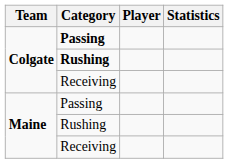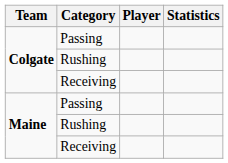 <table class="wikitable" style="float: right;">
 <tr>
 <th>Team</th>
 <th>Category</th>
 <th>Player</th>
 <th>Statistics</th>
 </tr>
 <tr>
 <td rowspan=3><strong>Colgate</strong></td>
-<td><strong>Passing</strong></td>
+<td>Passing</td>
 <td></td>
 <td></td>
 </tr>
 <tr>
-<td><strong>Rushing</strong></td>
+<td>Rushing</td>
 <td></td>
 <td></td>
 </tr>
 <tr>
 <td>Receiving</td>
 <td></td>
 <td></td>
 </tr>
 <tr>
 <td rowspan=3><strong>Maine</strong></td>
 <td>Passing</td>
 <td></td>
 <td></td>
 </tr>
 <tr>
 <td>Rushing</td>
 <td></td>
 <td></td>
 </tr>
 <tr>
 <td>Receiving</td>
 <td></td>
 <td></td>
 </tr>
 </table>
